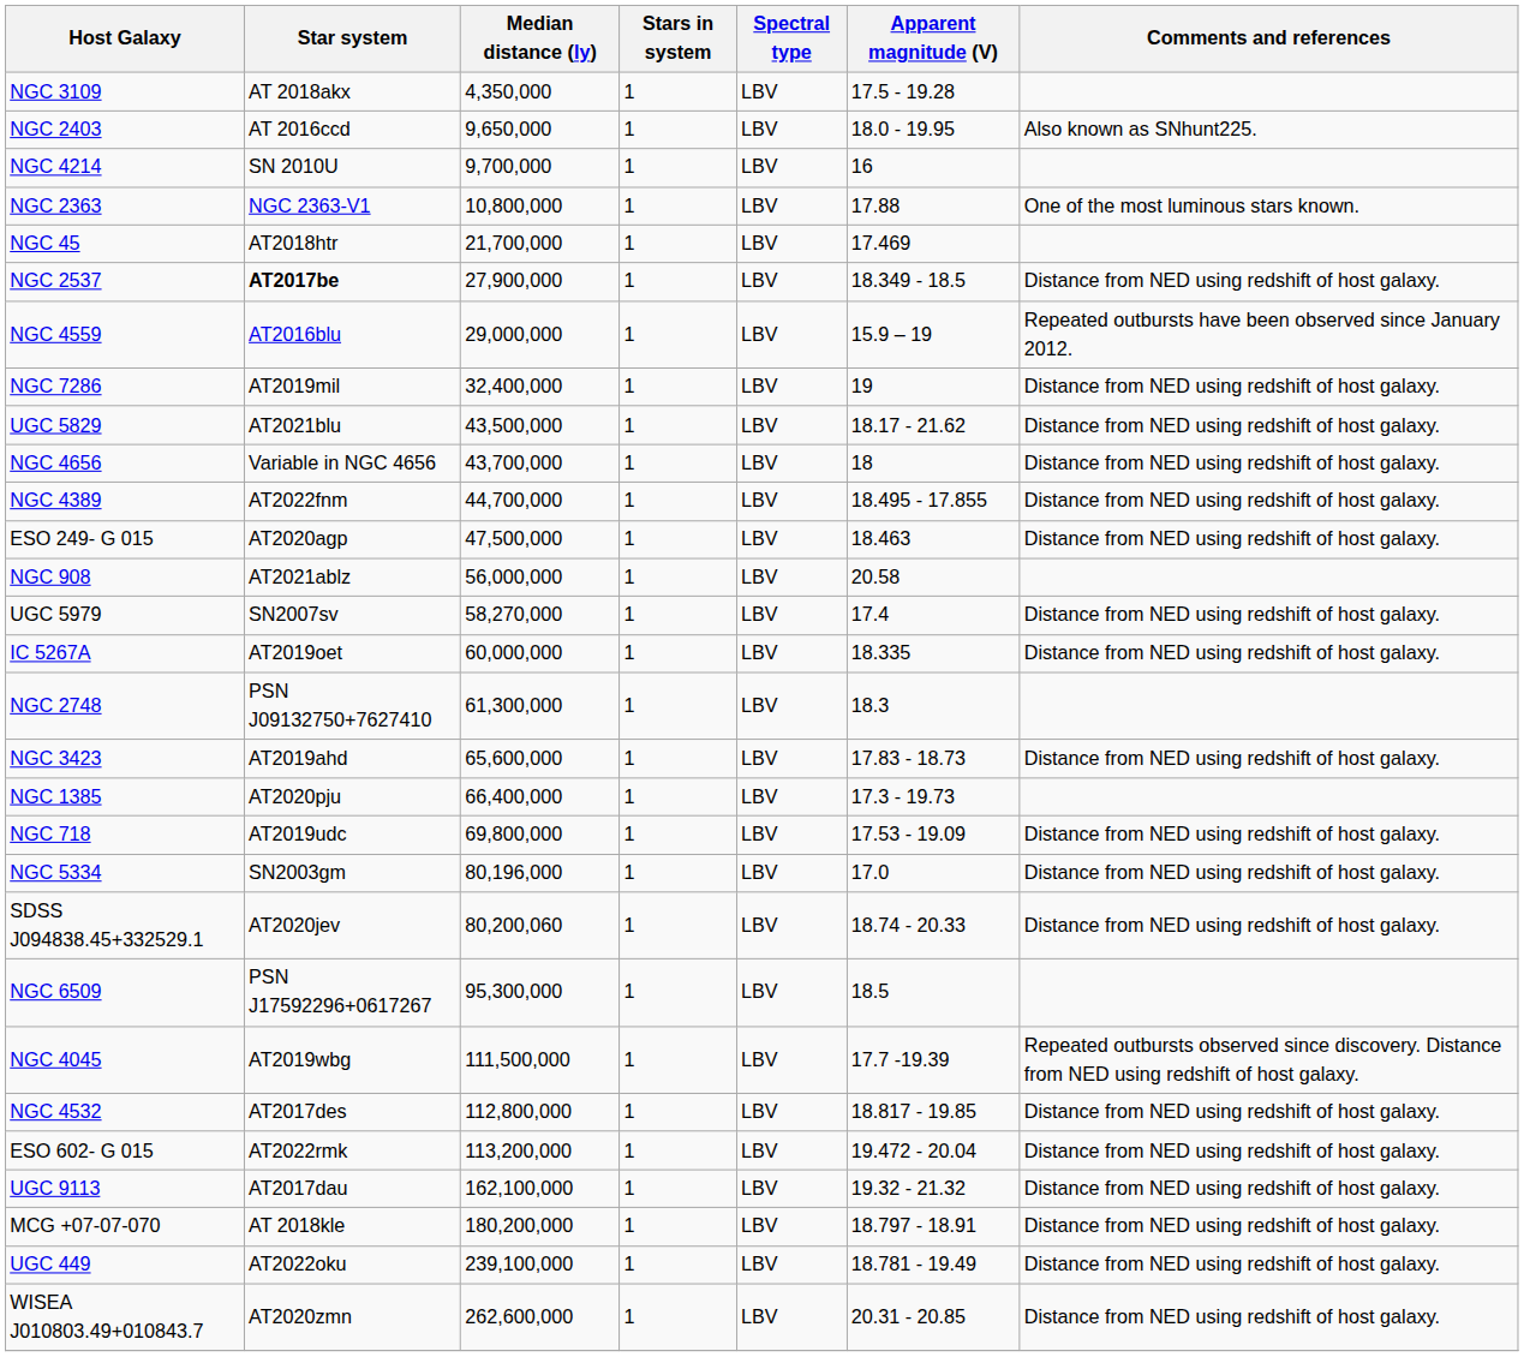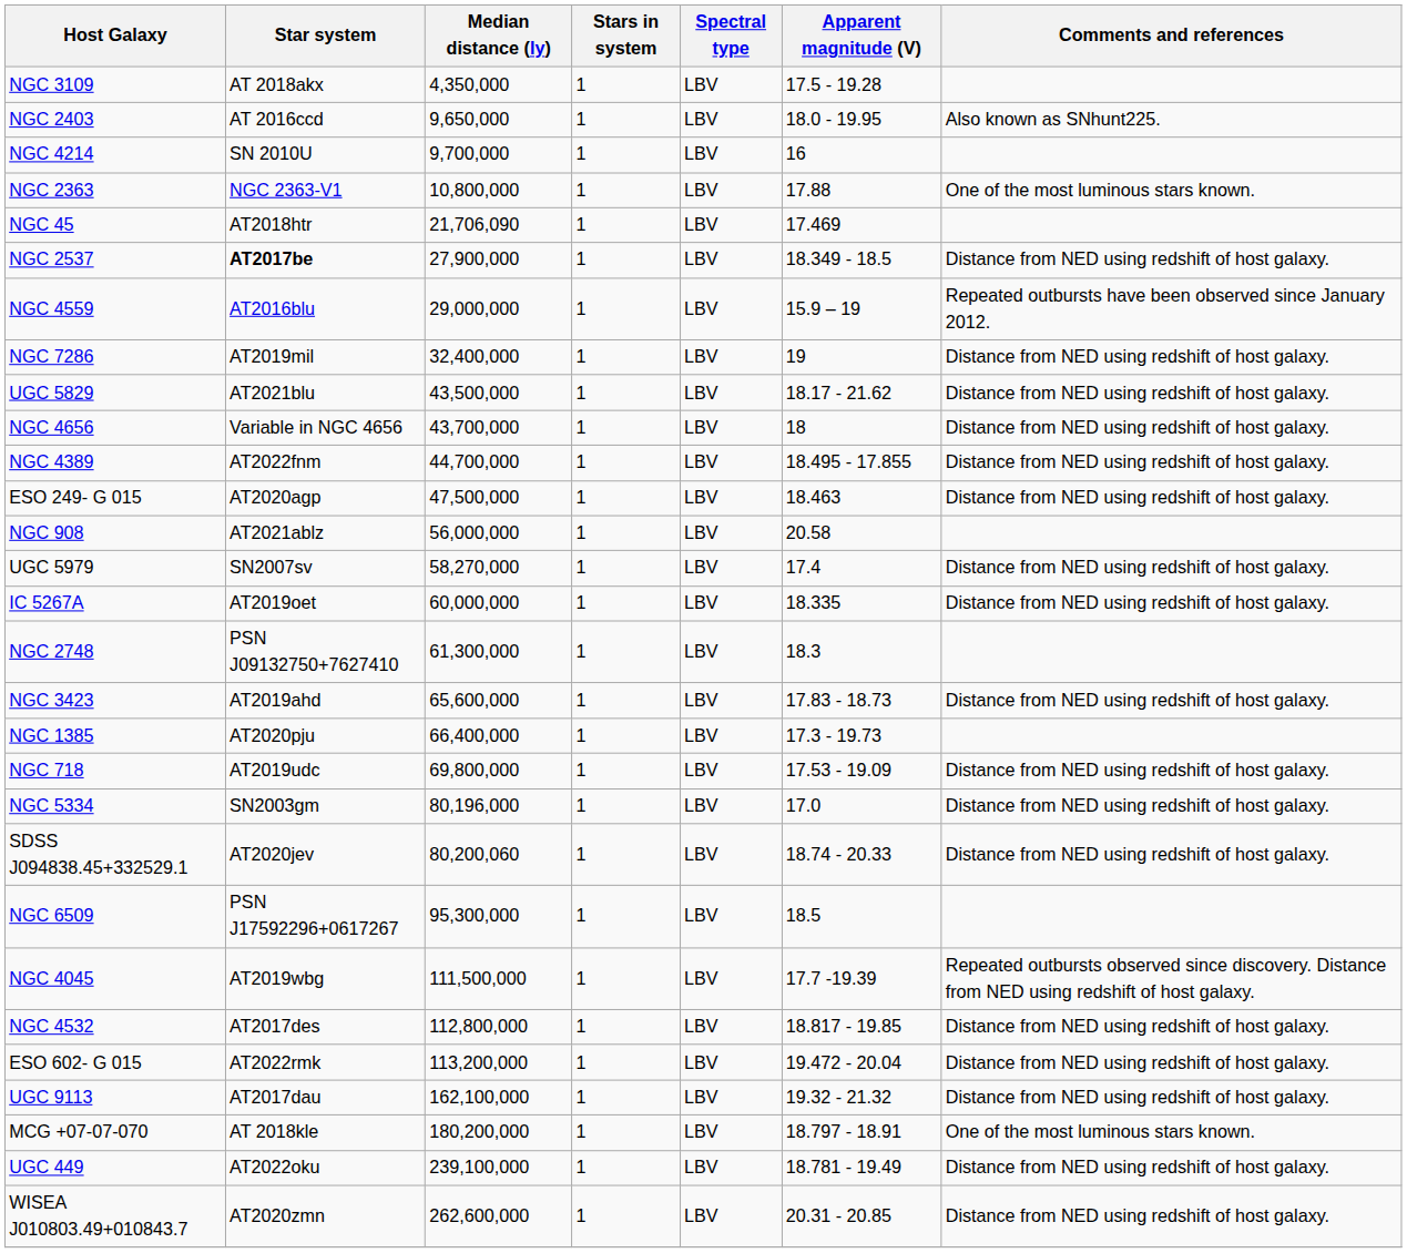 <table class="wikitable sortable" style="font-size:1.00em; line-height:1.5em; position:relative;">
 <tr>
 <th scope="col">Host Galaxy</th>
 <th scope="col">Star system</th>
 <th scope="col">Median distance (<a href='#'>ly</a>)</th>
 <th scope="col">Stars in system</th>
 <th scope="col"><a href='#'>Spectral type</a></th>
 <th scope="col"><a href='#'>Apparent magnitude</a> (V)</th>
 <th scope="col">Comments and references</th>
 </tr>
 <tr>
 <td><a href='#'>NGC 3109</a></td>
 <td>AT 2018akx</td>
 <td>4,350,000</td>
 <td>1</td>
 <td>LBV</td>
 <td>17.5 - 19.28</td>
 <td></td>
 </tr>
 <tr>
 <td><a href='#'>NGC 2403</a></td>
 <td>AT 2016ccd</td>
 <td>9,650,000</td>
 <td>1</td>
 <td>LBV</td>
 <td>18.0 - 19.95</td>
 <td>Also known as SNhunt225.</td>
 </tr>
 <tr>
 <td><a href='#'>NGC 4214</a></td>
 <td>SN 2010U</td>
 <td>9,700,000</td>
 <td>1</td>
 <td>LBV</td>
 <td>16</td>
 <td></td>
 </tr>
 <tr>
 <td><a href='#'>NGC 2363</a></td>
 <td><a href='#'>NGC 2363-V1</a></td>
 <td>10,800,000</td>
 <td>1</td>
 <td>LBV</td>
 <td>17.88</td>
 <td>One of the most luminous stars known.</td>
 </tr>
 <tr>
 <td><a href='#'>NGC 45</a></td>
 <td>AT2018htr</td>
-<td>21,700,000</td>
+<td>21,706,090</td>
 <td>1</td>
 <td>LBV</td>
 <td>17.469</td>
 <td></td>
 </tr>
 <tr>
 <td><a href='#'>NGC 2537</a></td>
 <td><strong>AT2017be</strong></td>
 <td>27,900,000</td>
 <td>1</td>
 <td>LBV</td>
 <td>18.349 - 18.5</td>
 <td>Distance from NED using redshift of host galaxy.</td>
 </tr>
 <tr>
 <td><a href='#'>NGC 4559</a></td>
 <td><a href='#'>AT2016blu</a></td>
 <td>29,000,000</td>
 <td>1</td>
 <td>LBV</td>
 <td>15.9 – 19</td>
 <td>Repeated outbursts have been observed since January 2012.</td>
 </tr>
 <tr>
 <td><a href='#'>NGC 7286</a></td>
 <td>AT2019mil</td>
 <td>32,400,000</td>
 <td>1</td>
 <td>LBV</td>
 <td>19</td>
 <td>Distance from NED using redshift of host galaxy.</td>
 </tr>
 <tr>
 <td><a href='#'>UGC 5829</a></td>
 <td>AT2021blu</td>
 <td>43,500,000</td>
 <td>1</td>
 <td>LBV</td>
 <td>18.17 - 21.62</td>
 <td>Distance from NED using redshift of host galaxy.</td>
 </tr>
 <tr>
 <td><a href='#'>NGC 4656</a></td>
 <td>Variable in NGC 4656</td>
 <td>43,700,000</td>
 <td>1</td>
 <td>LBV</td>
 <td>18</td>
 <td>Distance from NED using redshift of host galaxy.</td>
 </tr>
 <tr>
 <td><a href='#'>NGC 4389</a></td>
 <td>AT2022fnm</td>
 <td>44,700,000</td>
 <td>1</td>
 <td>LBV</td>
 <td>18.495 - 17.855</td>
 <td>Distance from NED using redshift of host galaxy.</td>
 </tr>
 <tr>
 <td>ESO 249- G 015</td>
 <td>AT2020agp</td>
 <td>47,500,000</td>
 <td>1</td>
 <td>LBV</td>
 <td>18.463</td>
 <td>Distance from NED using redshift of host galaxy.</td>
 </tr>
 <tr>
 <td><a href='#'>NGC 908</a></td>
 <td>AT2021ablz</td>
 <td>56,000,000</td>
 <td>1</td>
 <td>LBV</td>
 <td>20.58</td>
 <td></td>
 </tr>
 <tr>
 <td>UGC 5979</td>
 <td>SN2007sv</td>
 <td>58,270,000</td>
 <td>1</td>
 <td>LBV</td>
 <td>17.4</td>
 <td>Distance from NED using redshift of host galaxy.</td>
 </tr>
 <tr>
 <td><a href='#'>IC 5267A</a></td>
 <td>AT2019oet</td>
 <td>60,000,000</td>
 <td>1</td>
 <td>LBV</td>
 <td>18.335</td>
 <td>Distance from NED using redshift of host galaxy.</td>
 </tr>
 <tr>
 <td><a href='#'>NGC 2748</a></td>
 <td>PSN J09132750+7627410</td>
 <td>61,300,000</td>
 <td>1</td>
 <td>LBV</td>
 <td>18.3</td>
 <td></td>
 </tr>
 <tr>
 <td><a href='#'>NGC 3423</a></td>
 <td>AT2019ahd</td>
 <td>65,600,000</td>
 <td>1</td>
 <td>LBV</td>
 <td>17.83 - 18.73</td>
 <td>Distance from NED using redshift of host galaxy.</td>
 </tr>
 <tr>
 <td><a href='#'>NGC 1385</a></td>
 <td>AT2020pju</td>
 <td>66,400,000</td>
 <td>1</td>
 <td>LBV</td>
 <td>17.3 - 19.73</td>
 <td></td>
 </tr>
 <tr>
 <td><a href='#'>NGC 718</a></td>
 <td>AT2019udc</td>
 <td>69,800,000</td>
 <td>1</td>
 <td>LBV</td>
 <td>17.53 - 19.09</td>
 <td>Distance from NED using redshift of host galaxy.</td>
 </tr>
 <tr>
 <td><a href='#'>NGC 5334</a></td>
 <td>SN2003gm</td>
 <td>80,196,000</td>
 <td>1</td>
 <td>LBV</td>
 <td>17.0</td>
 <td>Distance from NED using redshift of host galaxy.</td>
 </tr>
 <tr>
 <td>SDSS J094838.45+332529.1</td>
 <td>AT2020jev</td>
 <td>80,200,060</td>
 <td>1</td>
 <td>LBV</td>
 <td>18.74 - 20.33</td>
 <td>Distance from NED using redshift of host galaxy.</td>
 </tr>
 <tr>
 <td><a href='#'>NGC 6509</a></td>
 <td>PSN J17592296+0617267</td>
 <td>95,300,000</td>
 <td>1</td>
 <td>LBV</td>
 <td>18.5</td>
 <td></td>
 </tr>
 <tr>
 <td><a href='#'>NGC 4045</a></td>
 <td>AT2019wbg</td>
 <td>111,500,000</td>
 <td>1</td>
 <td>LBV</td>
 <td>17.7 -19.39</td>
 <td>Repeated outbursts observed since discovery. Distance from NED using redshift of host galaxy.</td>
 </tr>
 <tr>
 <td><a href='#'>NGC 4532</a></td>
 <td>AT2017des</td>
 <td>112,800,000</td>
 <td>1</td>
 <td>LBV</td>
 <td>18.817 - 19.85</td>
 <td>Distance from NED using redshift of host galaxy.</td>
 </tr>
 <tr>
 <td>ESO 602- G 015</td>
 <td>AT2022rmk</td>
 <td>113,200,000</td>
 <td>1</td>
 <td>LBV</td>
 <td>19.472 - 20.04</td>
 <td>Distance from NED using redshift of host galaxy.</td>
 </tr>
 <tr>
 <td><a href='#'>UGC 9113</a></td>
 <td>AT2017dau</td>
 <td>162,100,000</td>
 <td>1</td>
 <td>LBV</td>
 <td>19.32 - 21.32</td>
 <td>Distance from NED using redshift of host galaxy.</td>
 </tr>
 <tr>
 <td>MCG +07-07-070</td>
 <td>AT 2018kle</td>
 <td>180,200,000</td>
 <td>1</td>
 <td>LBV</td>
 <td>18.797 - 18.91</td>
-<td>Distance from NED using redshift of host galaxy.</td>
+<td>One of the most luminous stars known.</td>
 </tr>
 <tr>
 <td><a href='#'>UGC 449</a></td>
 <td>AT2022oku</td>
 <td>239,100,000</td>
 <td>1</td>
 <td>LBV</td>
 <td>18.781 - 19.49</td>
 <td>Distance from NED using redshift of host galaxy.</td>
 </tr>
 <tr>
 <td>WISEA J010803.49+010843.7</td>
 <td>AT2020zmn</td>
 <td>262,600,000</td>
 <td>1</td>
 <td>LBV</td>
 <td>20.31 - 20.85</td>
 <td>Distance from NED using redshift of host galaxy.</td>
 </tr>
 <tr>
 </tr>
 </table>
